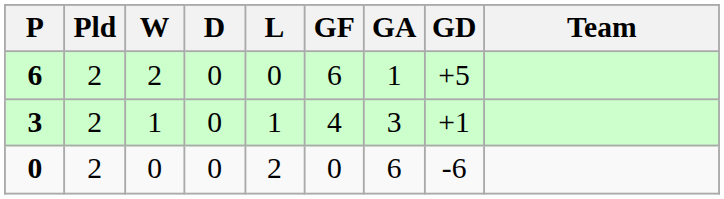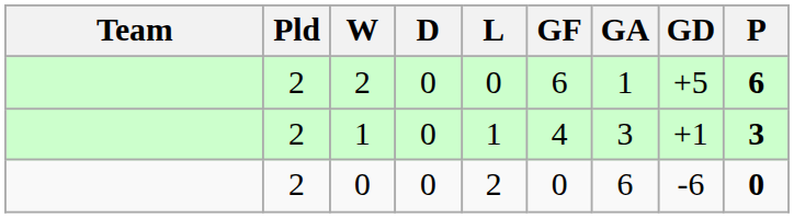 <table class="wikitable">
 <tr>
-<th width=25>P</th>
+<th width=120>Team</th>
 <th width=25>Pld</th>
 <th width=25>W</th>
 <th width=25>D</th>
 <th width=25>L</th>
 <th width=25>GF</th>
 <th width=25>GA</th>
 <th width=25>GD</th>
-<th width=120>Team</th>
+<th width=25>P</th>
 </tr>
 <tr align=center bgcolor=#ccffcc>
-<td><strong>6</strong></td>
+<td align=left></td>
 <td>2</td>
 <td>2</td>
 <td>0</td>
 <td>0</td>
 <td>6</td>
 <td>1</td>
 <td>+5</td>
-<td align=left></td>
+<td><strong>6</strong></td>
 </tr>
 <tr align=center bgcolor=#ccffcc>
-<td><strong>3</strong></td>
+<td align=left></td>
 <td>2</td>
 <td>1</td>
 <td>0</td>
 <td>1</td>
 <td>4</td>
 <td>3</td>
 <td>+1</td>
-<td align=left></td>
+<td><strong>3</strong></td>
 </tr>
 <tr align=center>
-<td><strong>0</strong></td>
+<td align=left></td>
 <td>2</td>
 <td>0</td>
 <td>0</td>
 <td>2</td>
 <td>0</td>
 <td>6</td>
 <td>-6</td>
-<td align=left></td>
+<td><strong>0</strong></td>
 </tr>
 </table>
